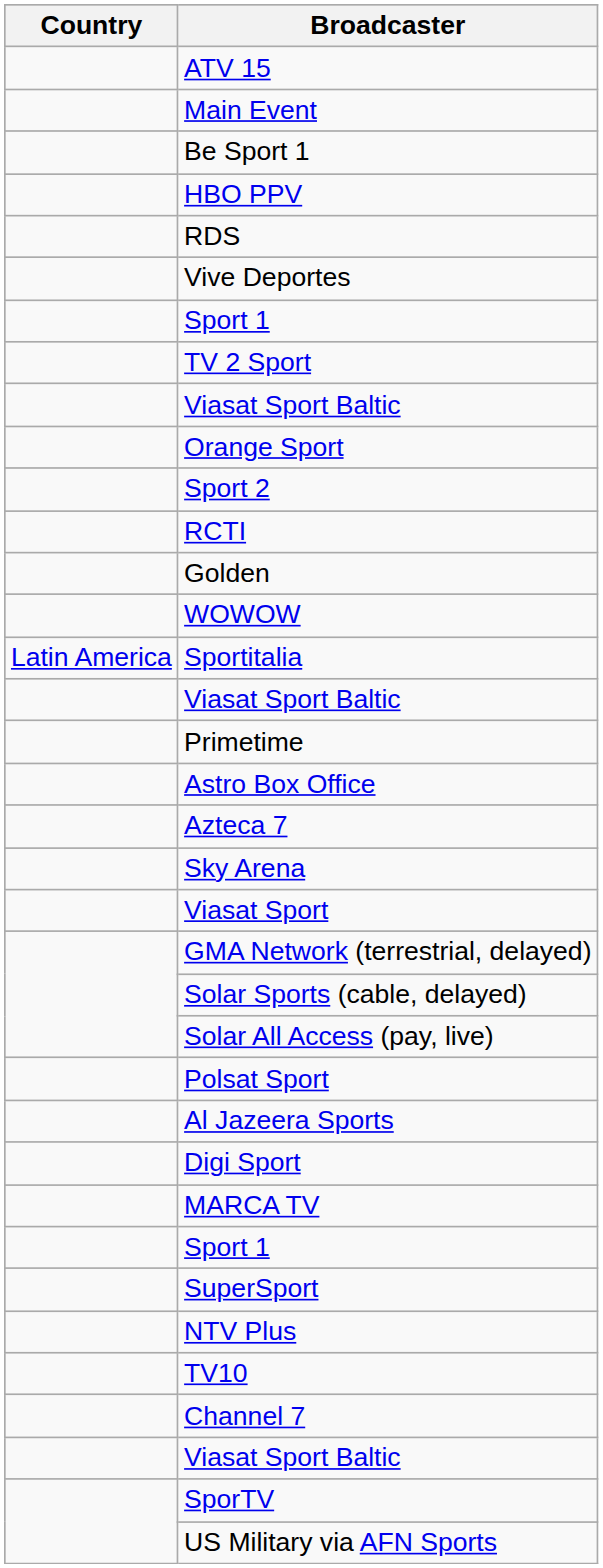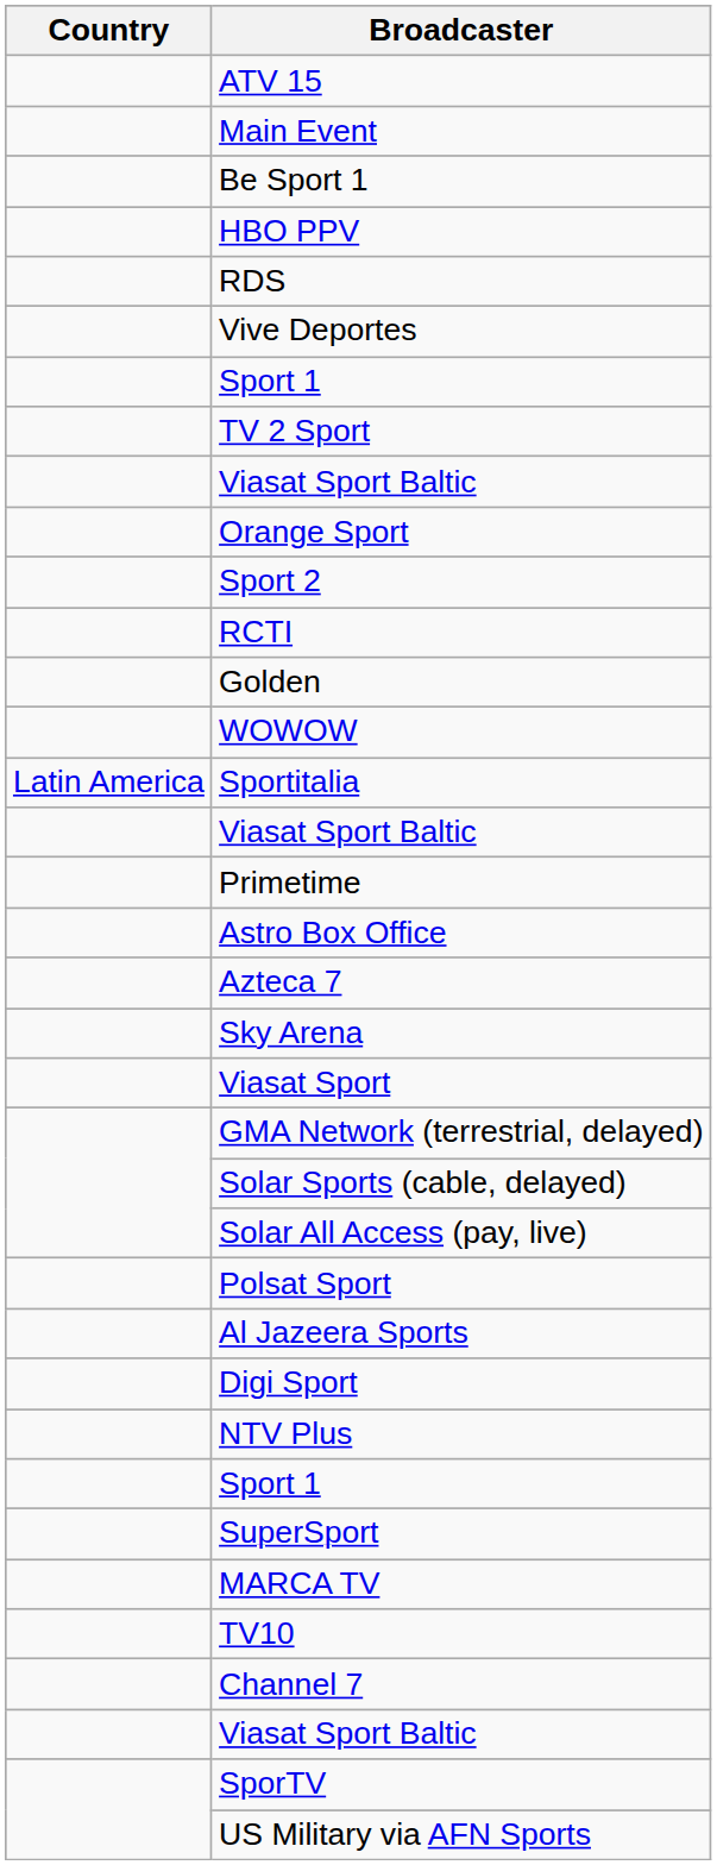 <table class="wikitable">
 <tr>
 <th align=center>Country</th>
 <th align=center>Broadcaster</th>
 </tr>
 <tr>
 <td></td>
 <td><a href='#'>ATV 15</a></td>
 </tr>
 <tr>
 <td></td>
 <td><a href='#'>Main Event</a></td>
 </tr>
 <tr>
 <td></td>
 <td>Be Sport 1</td>
 </tr>
 <tr>
 <td></td>
 <td><a href='#'>HBO PPV</a></td>
 </tr>
 <tr>
 <td></td>
 <td>RDS</td>
 </tr>
 <tr>
 <td></td>
 <td>Vive Deportes</td>
 </tr>
 <tr>
 <td></td>
 <td><a href='#'>Sport 1</a></td>
 </tr>
 <tr>
 <td></td>
 <td><a href='#'>TV 2 Sport</a></td>
 </tr>
 <tr>
 <td></td>
 <td><a href='#'>Viasat Sport Baltic</a></td>
 </tr>
 <tr>
 <td></td>
 <td><a href='#'>Orange Sport</a></td>
 </tr>
 <tr>
 <td></td>
 <td><a href='#'>Sport 2</a></td>
 </tr>
 <tr>
 <td></td>
 <td><a href='#'>RCTI</a></td>
 </tr>
 <tr>
 <td></td>
 <td>Golden</td>
 </tr>
 <tr>
 <td></td>
 <td><a href='#'>WOWOW</a></td>
 </tr>
 <tr>
 <td><a href='#'>Latin America</a></td>
 <td><a href='#'>Sportitalia</a></td>
 </tr>
 <tr>
 <td></td>
 <td><a href='#'>Viasat Sport Baltic</a></td>
 </tr>
 <tr>
 <td></td>
 <td>Primetime</td>
 </tr>
 <tr>
 <td></td>
 <td><a href='#'>Astro Box Office</a></td>
 </tr>
 <tr>
 <td></td>
 <td><a href='#'>Azteca 7</a></td>
 </tr>
 <tr>
 <td></td>
 <td><a href='#'>Sky Arena</a></td>
 </tr>
 <tr>
 <td></td>
 <td><a href='#'>Viasat Sport</a></td>
 </tr>
 <tr>
 <td rowspan="3"></td>
 <td><a href='#'>GMA Network</a> (terrestrial, delayed)</td>
 </tr>
 <tr>
 <td><a href='#'>Solar Sports</a> (cable, delayed)</td>
 </tr>
 <tr>
 <td><a href='#'>Solar All Access</a> (pay, live)</td>
 </tr>
 <tr>
 <td></td>
 <td><a href='#'>Polsat Sport</a></td>
 </tr>
 <tr>
 <td></td>
 <td><a href='#'>Al Jazeera Sports</a></td>
 </tr>
 <tr>
 <td></td>
 <td><a href='#'>Digi Sport</a></td>
 </tr>
 <tr>
 <td></td>
-<td><a href='#'>MARCA TV</a></td>
+<td><a href='#'>NTV Plus</a></td>
 </tr>
 <tr>
 <td></td>
 <td><a href='#'>Sport 1</a></td>
 </tr>
 <tr>
 <td></td>
 <td><a href='#'>SuperSport</a></td>
 </tr>
 <tr>
 <td></td>
-<td><a href='#'>NTV Plus</a></td>
+<td><a href='#'>MARCA TV</a></td>
 </tr>
 <tr>
 <td></td>
 <td><a href='#'>TV10</a></td>
 </tr>
 <tr>
 <td></td>
 <td><a href='#'>Channel 7</a></td>
 </tr>
 <tr>
 <td></td>
 <td><a href='#'>Viasat Sport Baltic</a></td>
 </tr>
 <tr>
 <td rowspan="2"></td>
 <td><a href='#'>SporTV</a></td>
 </tr>
 <tr>
 <td>US Military via <a href='#'>AFN Sports</a></td>
 </tr>
 </table>
